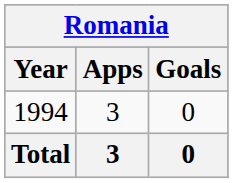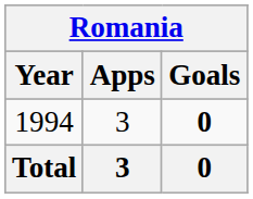 <table class="wikitable" style="text-align:center">
 <tr>
 <th colspan=3><a href='#'>Romania</a></th>
 </tr>
 <tr>
 <th>Year</th>
 <th>Apps</th>
 <th>Goals</th>
 </tr>
 <tr>
 <td>1994</td>
 <td>3</td>
-<td>0</td>
+<td><strong>0</strong></td>
 </tr>
 <tr>
 <th>Total</th>
 <th>3</th>
 <th>0</th>
 </tr>
 </table>
